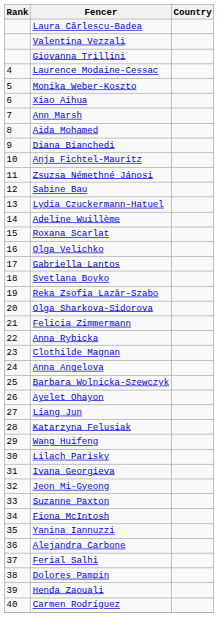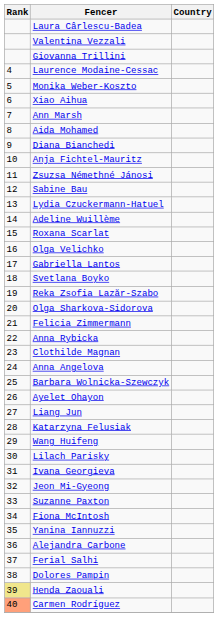 <table class="wikitable sortable" style="text-align: left;">
 <tr>
 <th>Rank</th>
 <th>Fencer</th>
 <th>Country</th>
 </tr>
 <tr>
 <td></td>
 <td><a href='#'>Laura Cârlescu-Badea</a></td>
 <td></td>
 </tr>
 <tr>
 <td></td>
 <td><a href='#'>Valentina Vezzali</a></td>
 <td></td>
 </tr>
 <tr>
 <td></td>
 <td><a href='#'>Giovanna Trillini</a></td>
 <td></td>
 </tr>
 <tr>
 <td>4</td>
 <td><a href='#'>Laurence Modaine-Cessac</a></td>
 <td></td>
 </tr>
 <tr>
 <td>5</td>
 <td><a href='#'>Monika Weber-Koszto</a></td>
 <td></td>
 </tr>
 <tr>
 <td>6</td>
 <td><a href='#'>Xiao Aihua</a></td>
 <td></td>
 </tr>
 <tr>
 <td>7</td>
 <td><a href='#'>Ann Marsh</a></td>
 <td></td>
 </tr>
 <tr>
 <td>8</td>
 <td><a href='#'>Aida Mohamed</a></td>
 <td></td>
 </tr>
 <tr>
 <td>9</td>
 <td><a href='#'>Diana Bianchedi</a></td>
 <td></td>
 </tr>
 <tr>
 <td>10</td>
 <td><a href='#'>Anja Fichtel-Mauritz</a></td>
 <td></td>
 </tr>
 <tr>
 <td>11</td>
 <td><a href='#'>Zsuzsa Némethné Jánosi</a></td>
 <td></td>
 </tr>
 <tr>
 <td>12</td>
 <td><a href='#'>Sabine Bau</a></td>
 <td></td>
 </tr>
 <tr>
 <td>13</td>
 <td><a href='#'>Lydia Czuckermann-Hatuel</a></td>
 <td></td>
 </tr>
 <tr>
 <td>14</td>
 <td><a href='#'>Adeline Wuillème</a></td>
 <td></td>
 </tr>
 <tr>
 <td>15</td>
 <td><a href='#'>Roxana Scarlat</a></td>
 <td></td>
 </tr>
 <tr>
 <td>16</td>
 <td><a href='#'>Olga Velichko</a></td>
 <td></td>
 </tr>
 <tr>
 <td>17</td>
 <td><a href='#'>Gabriella Lantos</a></td>
 <td></td>
 </tr>
 <tr>
 <td>18</td>
 <td><a href='#'>Svetlana Boyko</a></td>
 <td></td>
 </tr>
 <tr>
 <td>19</td>
 <td><a href='#'>Reka Zsofia Lazăr-Szabo</a></td>
 <td></td>
 </tr>
 <tr>
 <td>20</td>
 <td><a href='#'>Olga Sharkova-Sidorova</a></td>
 <td></td>
 </tr>
 <tr>
 <td>21</td>
 <td><a href='#'>Felicia Zimmermann</a></td>
 <td></td>
 </tr>
 <tr>
 <td>22</td>
 <td><a href='#'>Anna Rybicka</a></td>
 <td></td>
 </tr>
 <tr>
 <td>23</td>
 <td><a href='#'>Clothilde Magnan</a></td>
 <td></td>
 </tr>
 <tr>
 <td>24</td>
 <td><a href='#'>Anna Angelova</a></td>
 <td></td>
 </tr>
 <tr>
 <td>25</td>
 <td><a href='#'>Barbara Wolnicka-Szewczyk</a></td>
 <td></td>
 </tr>
 <tr>
 <td>26</td>
 <td><a href='#'>Ayelet Ohayon</a></td>
 <td></td>
 </tr>
 <tr>
 <td>27</td>
 <td><a href='#'>Liang Jun</a></td>
 <td></td>
 </tr>
 <tr>
 <td>28</td>
 <td><a href='#'>Katarzyna Felusiak</a></td>
 <td></td>
 </tr>
 <tr>
 <td>29</td>
 <td><a href='#'>Wang Huifeng</a></td>
 <td></td>
 </tr>
 <tr>
 <td>30</td>
 <td><a href='#'>Lilach Parisky</a></td>
 <td></td>
 </tr>
 <tr>
 <td>31</td>
 <td><a href='#'>Ivana Georgieva</a></td>
 <td></td>
 </tr>
 <tr>
 <td>32</td>
 <td><a href='#'>Jeon Mi-Gyeong</a></td>
 <td></td>
 </tr>
 <tr>
 <td>33</td>
 <td><a href='#'>Suzanne Paxton</a></td>
 <td></td>
 </tr>
 <tr>
 <td>34</td>
 <td><a href='#'>Fiona McIntosh</a></td>
 <td></td>
 </tr>
 <tr>
 <td>35</td>
 <td><a href='#'>Yanina Iannuzzi</a></td>
 <td></td>
 </tr>
 <tr>
 <td>36</td>
 <td><a href='#'>Alejandra Carbone</a></td>
 <td></td>
 </tr>
 <tr>
 <td>37</td>
 <td><a href='#'>Ferial Salhi</a></td>
 <td></td>
 </tr>
 <tr>
 <td>38</td>
 <td><a href='#'>Dolores Pampin</a></td>
 <td></td>
 </tr>
 <tr>
-<td>39</td>
+<td style="background: khaki;">39</td>
 <td><a href='#'>Henda Zaouali</a></td>
 <td></td>
 </tr>
 <tr>
-<td>40</td>
+<td style="background: lightsalmon;">40</td>
 <td><a href='#'>Carmen Rodríguez</a></td>
 <td></td>
 </tr>
 <tr>
 </tr>
 </table>
